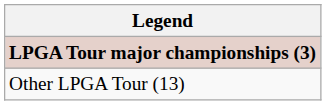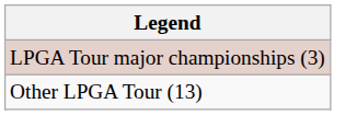 <table class="wikitable" style="font-size:95%;">
 <tr>
 <th>Legend</th>
 </tr>
 <tr style="background:#e5d1cb;">
-<td><strong>LPGA Tour major championships (3)</strong></td>
+<td>LPGA Tour major championships (3)</td>
 </tr>
 <tr>
 <td>Other LPGA Tour (13)</td>
 </tr>
 </table>
